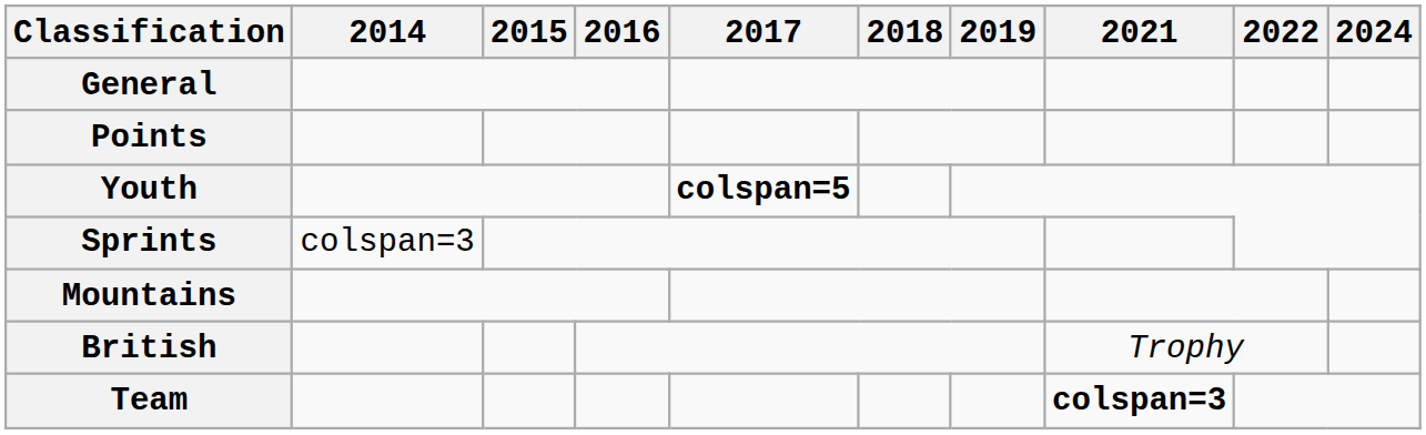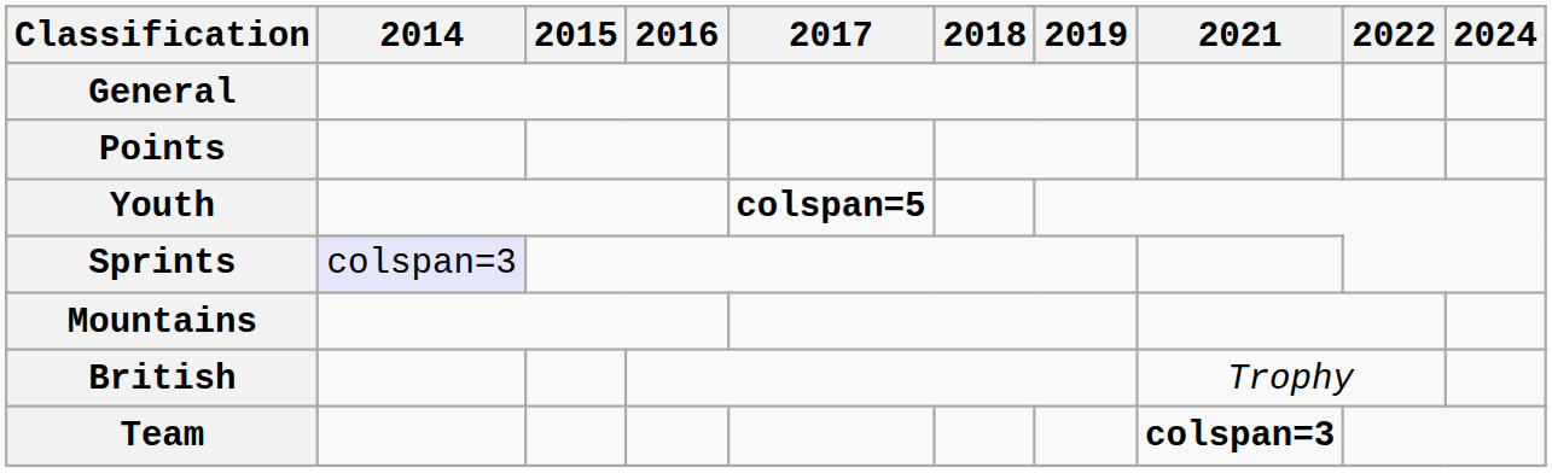 <table class="wikitable plainrowheaders">
 <tr>
 <th>Classification</th>
 <th>2014</th>
 <th>2015</th>
 <th>2016</th>
 <th>2017</th>
 <th>2018</th>
 <th>2019</th>
 <th>2021</th>
 <th>2022</th>
 <th>2024</th>
 </tr>
 <tr style="text-align:center;">
 <th scope=row>General</th>
 <td colspan=3></td>
 <td colspan=3></td>
 <td></td>
 <td></td>
 <td></td>
 </tr>
 <tr style="text-align:center;">
 <th scope=row>Points</th>
 <td></td>
 <td colspan=2></td>
 <td></td>
 <td colspan=2></td>
 <td></td>
 <td></td>
 <td></td>
 </tr>
 <tr style="text-align:center;">
 <th scope=row>Youth</th>
 <td colspan=3></td>
 <td><strong>colspan=5 </strong></td>
 <td></td>
 </tr>
 <tr style="text-align:center;">
 <th scope=row>Sprints</th>
-<td>colspan=3 </td>
+<td style="background: lavender;">colspan=3 </td>
 <td colspan="5"></td>
 <td></td>
 </tr>
 <tr style="text-align:center;">
 <th scope=row>Mountains</th>
 <td colspan=3></td>
 <td colspan=3></td>
 <td colspan=2></td>
 <td></td>
 </tr>
 <tr style="text-align:center;">
 <th scope=row>British</th>
 <td></td>
 <td></td>
 <td colspan=4></td>
 <td colspan=2><em>Trophy</em></td>
 <td></td>
 </tr>
 <tr style="text-align:center;">
 <th scope=row>Team</th>
 <td></td>
 <td></td>
 <td></td>
 <td></td>
 <td></td>
 <td></td>
 <td><strong>colspan=3 </strong></td>
 </tr>
 </table>
